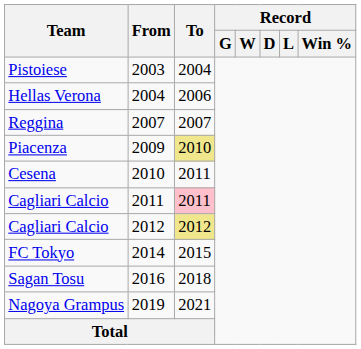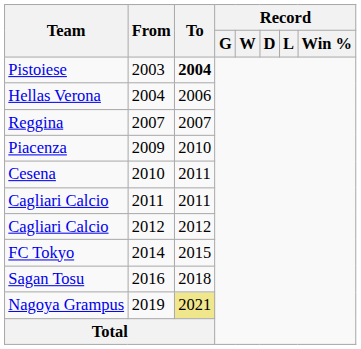 <table class="wikitable" style="text-align: center">
 <tr>
 <th rowspan="2">Team</th>
 <th rowspan="2">From</th>
 <th rowspan="2">To</th>
 <th colspan="5">Record</th>
 </tr>
 <tr>
 <th>G</th>
 <th>W</th>
 <th>D</th>
 <th>L</th>
 <th>Win %</th>
 </tr>
 <tr>
 <td align="left"><a href='#'>Pistoiese</a></td>
 <td align="left">2003</td>
-<td align="left">2004<br></td>
+<td align="left"><strong>2004<br></strong></td>
 </tr>
 <tr>
 <td align="left"><a href='#'>Hellas Verona</a></td>
 <td align="left">2004</td>
 <td align="left">2006<br></td>
 </tr>
 <tr>
 <td align="left"><a href='#'>Reggina</a></td>
 <td align="left">2007</td>
 <td align="left">2007<br></td>
 </tr>
 <tr>
 <td align="left"><a href='#'>Piacenza</a></td>
 <td align="left">2009</td>
-<td align="left" style="background: khaki;">2010<br></td>
+<td align="left">2010<br></td>
 </tr>
 <tr>
 <td align="left"><a href='#'>Cesena</a></td>
 <td align="left">2010</td>
 <td align="left">2011<br></td>
 </tr>
 <tr>
 <td align="left"><a href='#'>Cagliari Calcio</a></td>
 <td align="left">2011</td>
-<td align="left" style="background: pink;">2011<br></td>
+<td align="left">2011<br></td>
 </tr>
 <tr>
 <td align="left"><a href='#'>Cagliari Calcio</a></td>
 <td align="left">2012</td>
-<td align="left" style="background: khaki;">2012<br></td>
+<td align="left">2012<br></td>
 </tr>
 <tr>
 <td align="left"><a href='#'>FC Tokyo</a></td>
 <td align="left">2014</td>
 <td align="left">2015<br></td>
 </tr>
 <tr>
 <td align="left"><a href='#'>Sagan Tosu</a></td>
 <td align="left">2016</td>
 <td align="left">2018<br></td>
 </tr>
 <tr>
 <td align="left"><a href='#'>Nagoya Grampus</a></td>
 <td align="left">2019</td>
-<td align="left">2021<br></td>
+<td align="left" style="background: khaki;">2021<br></td>
 </tr>
 <tr>
 <th colspan="3">Total<br></th>
 </tr>
 </table>
